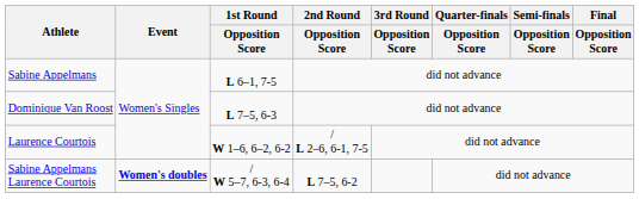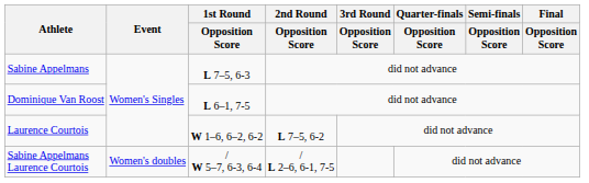 <table class=wikitable style="font-size:90%">
 <tr>
 <th rowspan="2">Athlete</th>
 <th rowspan="2">Event</th>
 <th>1st Round</th>
 <th>2nd Round</th>
 <th>3rd Round</th>
 <th>Quarter-finals</th>
 <th>Semi-finals</th>
 <th>Final</th>
 </tr>
 <tr>
 <th>Opposition<br>Score</th>
 <th>Opposition<br>Score</th>
 <th>Opposition<br>Score</th>
 <th>Opposition<br>Score</th>
 <th>Opposition<br>Score</th>
 <th>Opposition<br>Score</th>
 </tr>
 <tr>
 <td><a href='#'>Sabine Appelmans</a></td>
 <td rowspan=3><a href='#'>Women's Singles</a></td>
-<td align=center> <br><strong>L</strong> 6–1, 7-5</td>
+<td align=center> <br><strong>L</strong> 7–5, 6-3</td>
 <td align=center colspan="5">did not advance</td>
 </tr>
 <tr>
 <td><a href='#'>Dominique Van Roost</a></td>
-<td align=center> <br><strong>L</strong> 7–5, 6-3</td>
+<td align=center> <br><strong>L</strong> 6–1, 7-5</td>
 <td align=center colspan="5">did not advance</td>
 </tr>
 <tr>
 <td><a href='#'>Laurence Courtois</a></td>
 <td align=center> <br><strong>W</strong> 1–6, 6–2, 6-2</td>
-<td align=center> /  <br><strong>L</strong> 2–6, 6-1, 7-5</td>
+<td align=center> <br><strong>L</strong> 7–5, 6-2</td>
 <td align=center colspan="4">did not advance</td>
 </tr>
 <tr>
 <td><a href='#'>Sabine Appelmans</a><br><a href='#'>Laurence Courtois</a></td>
-<td><strong><a href='#'>Women's doubles</a></strong></td>
+<td><a href='#'>Women's doubles</a></td>
 <td align=center> /  <br><strong>W</strong> 5–7, 6-3, 6-4</td>
-<td align=center> <br><strong>L</strong> 7–5, 6-2</td>
+<td align=center> /  <br><strong>L</strong> 2–6, 6-1, 7-5</td>
 <td></td>
 <td align=center colspan="3">did not advance</td>
 </tr>
 </table>
